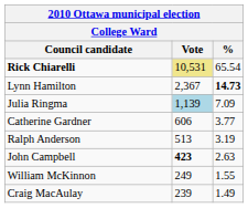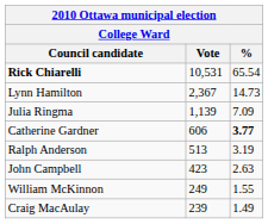 <table class="wikitable">
 <tr>
 <th colspan=3><a href='#'>2010 Ottawa municipal election</a></th>
 </tr>
 <tr>
 <th colspan="3"><a href='#'>College Ward</a></th>
 </tr>
 <tr>
 <th bgcolor="#DDDDFF" width="230px">Council candidate</th>
 <th bgcolor="#DDDDFF" width="50px">Vote</th>
 <th bgcolor="#DDDDFF" width="30px">%</th>
 </tr>
 <tr>
 <td><strong>Rick Chiarelli</strong></td>
-<td style="background: khaki;">10,531</td>
+<td>10,531</td>
 <td>65.54</td>
 </tr>
 <tr>
 <td>Lynn Hamilton</td>
 <td>2,367</td>
-<td><strong>14.73</strong></td>
+<td>14.73</td>
 </tr>
 <tr>
 <td>Julia Ringma</td>
-<td style="background: lightblue;">1,139</td>
+<td>1,139</td>
 <td>7.09</td>
 </tr>
 <tr>
 <td>Catherine Gardner</td>
 <td>606</td>
-<td>3.77</td>
+<td><strong>3.77</strong></td>
 </tr>
 <tr>
 <td>Ralph Anderson</td>
 <td>513</td>
 <td>3.19</td>
 </tr>
 <tr>
 <td>John Campbell</td>
-<td><strong>423</strong></td>
+<td>423</td>
 <td>2.63</td>
 </tr>
 <tr>
 <td>William McKinnon</td>
 <td>249</td>
 <td>1.55</td>
 </tr>
 <tr>
 <td>Craig MacAulay</td>
 <td>239</td>
 <td>1.49</td>
 </tr>
 </table>
